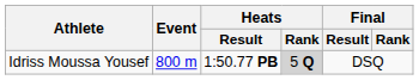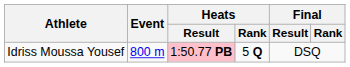 <table class="wikitable" style="font-size:90%">
 <tr>
 <th rowspan=2>Athlete</th>
 <th rowspan=2>Event</th>
 <th colspan=2>Heats</th>
 <th colspan=2>Final</th>
 </tr>
 <tr style="font-size:95%">
 <th>Result</th>
 <th>Rank</th>
 <th>Result</th>
 <th>Rank</th>
 </tr>
 <tr align=center>
 <td align=left>Idriss Moussa Yousef</td>
 <td align=left><a href='#'>800 m</a></td>
-<td>1:50.77 <strong>PB</strong></td>
-<td style="background: lightgrey;">5 <strong>Q</strong></td>
+<td style="background: pink;">1:50.77 <strong>PB</strong></td>
+<td>5 <strong>Q</strong></td>
 <td colspan=2>DSQ</td>
 </tr>
 </table>
